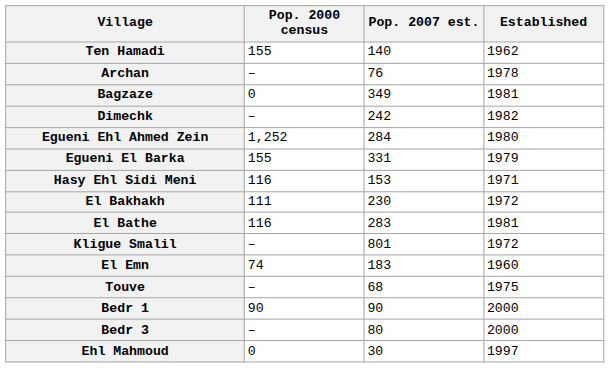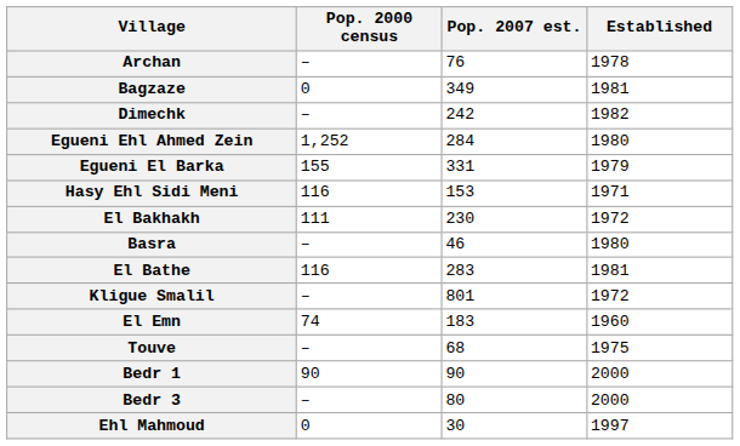 <table class="wikitable sortable" style="font-size:95%; display:block; width:90%; max-width:1200; border:1px solid #ffffff; background:#fff;">
 <tr>
 <th scope="col" style="width:40%;">Village</th>
 <th scope="col" style="width:20%;">Pop. 2000 census</th>
 <th scope="col" style="width:20%;">Pop. 2007 est.</th>
 <th scope="col" style="width:20%;">Established</th>
-</tr>
-<tr>
-<th scope="row">Ten Hamadi</th>
-<td>155</td>
-<td>140</td>
-<td>1962</td>
 </tr>
 <tr>
 <th scope="row">Archan</th>
 <td>–</td>
 <td>76</td>
 <td>1978</td>
 </tr>
 <tr>
 <th scope="row">Bagzaze</th>
 <td>0</td>
 <td>349</td>
 <td>1981</td>
 </tr>
 <tr>
 <th scope="row">Dimechk</th>
 <td>–</td>
 <td>242</td>
 <td>1982</td>
 </tr>
 <tr>
 <th scope="row">Egueni Ehl Ahmed Zein</th>
 <td>1,252</td>
 <td>284</td>
 <td>1980</td>
 </tr>
 <tr>
 <th scope="row">Egueni El Barka</th>
 <td>155</td>
 <td>331</td>
 <td>1979</td>
 </tr>
 <tr>
 <th scope="row">Hasy Ehl Sidi Meni</th>
 <td>116</td>
 <td>153</td>
 <td>1971</td>
 </tr>
 <tr>
 <th scope="row">El Bakhakh</th>
 <td>111</td>
 <td>230</td>
 <td>1972</td>
+</tr>
+<tr>
+<th scope="row">Basra</th>
+<td>–</td>
+<td>46</td>
+<td>1980</td>
 </tr>
 <tr>
 <th scope="row">El Bathe</th>
 <td>116</td>
 <td>283</td>
 <td>1981</td>
 </tr>
 <tr>
 <th scope="row">Kligue Smalil</th>
 <td>–</td>
 <td>801</td>
 <td>1972</td>
 </tr>
 <tr>
 <th scope="row">El Emn</th>
 <td>74</td>
 <td>183</td>
 <td>1960</td>
 </tr>
 <tr>
 <th scope="row">Touve</th>
 <td>–</td>
 <td>68</td>
 <td>1975</td>
 </tr>
 <tr>
 <th scope="row">Bedr 1</th>
 <td>90</td>
 <td>90</td>
 <td>2000</td>
 </tr>
 <tr>
 <th scope="row">Bedr 3</th>
 <td>–</td>
 <td>80</td>
 <td>2000</td>
 </tr>
 <tr>
 <th scope="row">Ehl Mahmoud</th>
 <td>0</td>
 <td>30</td>
 <td>1997</td>
 </tr>
 <tr>
 </tr>
 </table>
